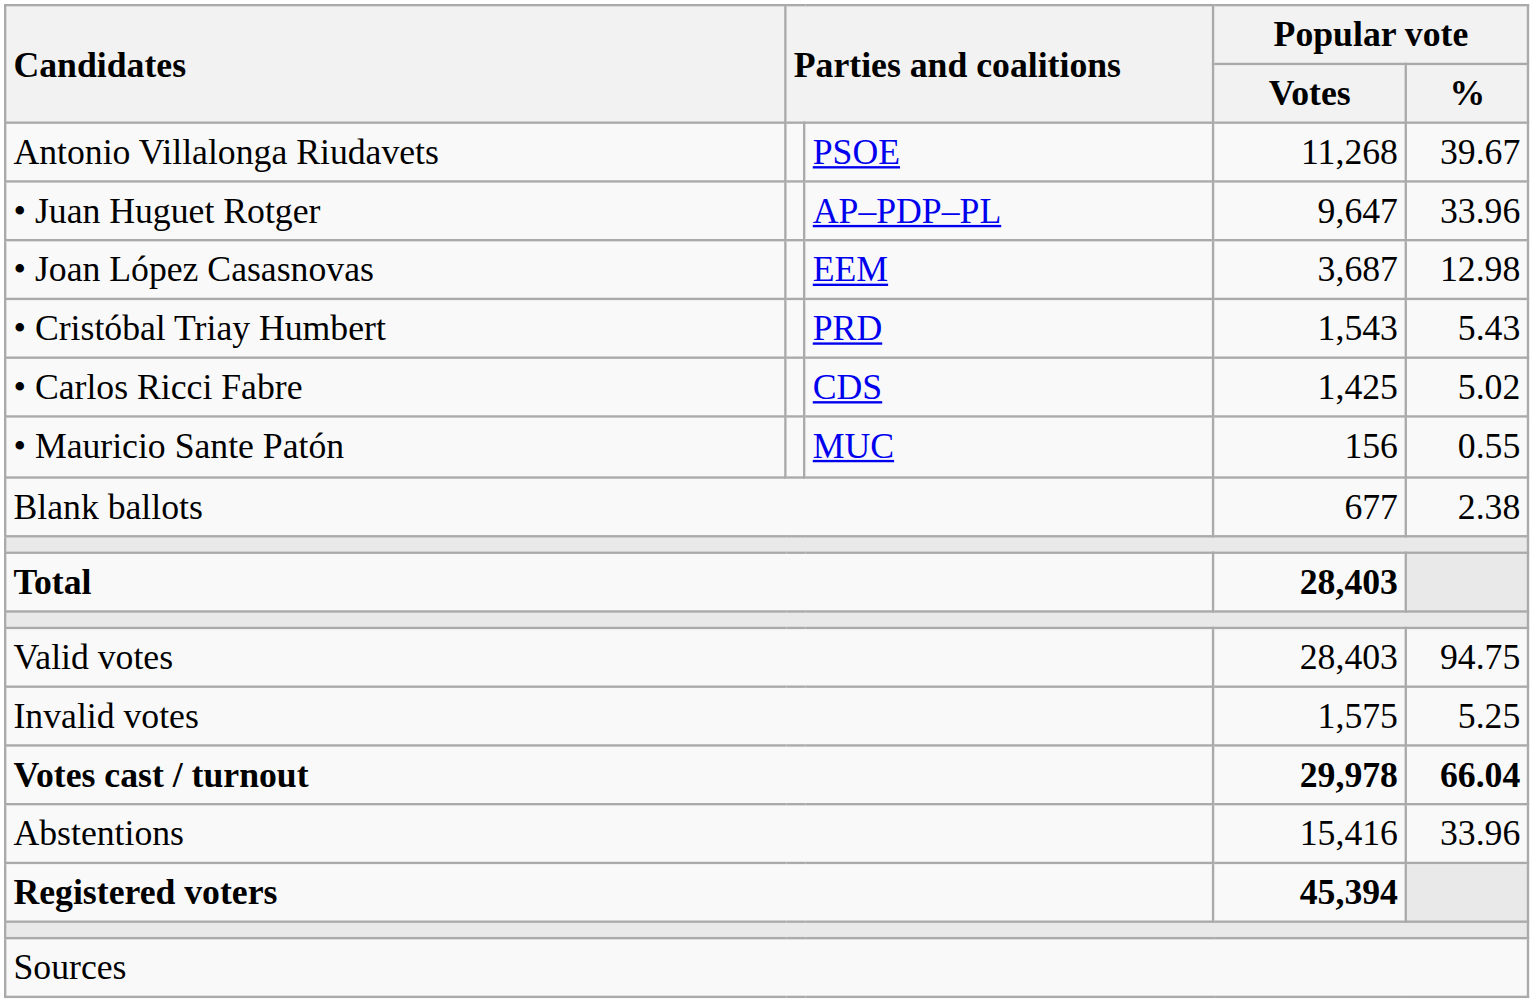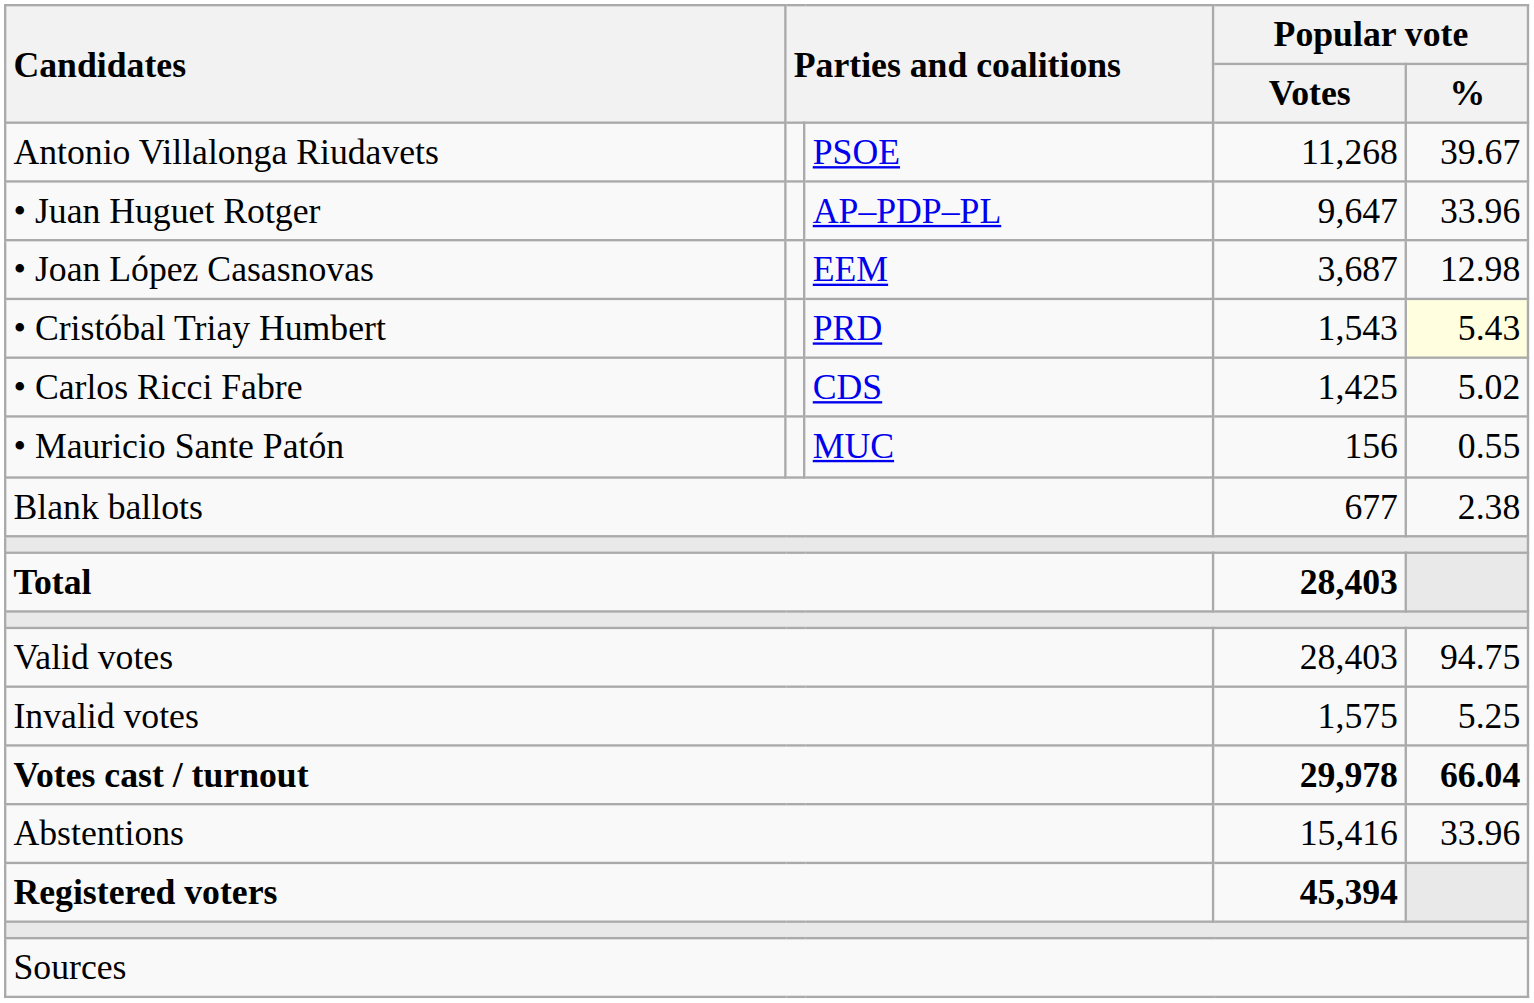 <table class="wikitable" style="text-align:right; font-size:95%;">
 <tr>
 <th style="text-align:left;" rowspan="2" width="325">Candidates</th>
 <th style="text-align:left;" rowspan="2" colspan="2" width="175">Parties and coalitions</th>
 <th colspan="2">Popular vote</th>
 </tr>
 <tr>
 <th width="75">Votes</th>
 <th width="45">%</th>
 </tr>
 <tr>
 <td align="left"> Antonio Villalonga Riudavets</td>
 <td width="1" style="color:inherit;background:"></td>
 <td align="left"><a href='#'>PSOE</a></td>
 <td>11,268</td>
 <td>39.67</td>
 </tr>
 <tr>
 <td align="left">• Juan Huguet Rotger</td>
 <td style="color:inherit;background:"></td>
 <td align="left"><a href='#'>AP–PDP–PL</a></td>
 <td>9,647</td>
 <td>33.96</td>
 </tr>
 <tr>
 <td align="left">• Joan López Casasnovas</td>
 <td style="color:inherit;background:"></td>
 <td align="left"><a href='#'>EEM</a></td>
 <td>3,687</td>
 <td>12.98</td>
 </tr>
 <tr>
 <td align="left">• Cristóbal Triay Humbert</td>
 <td style="color:inherit;background:"></td>
 <td align="left"><a href='#'>PRD</a></td>
 <td>1,543</td>
-<td>5.43</td>
+<td style="background: lightyellow;">5.43</td>
 </tr>
 <tr>
 <td align="left">• Carlos Ricci Fabre</td>
 <td style="color:inherit;background:"></td>
 <td align="left"><a href='#'>CDS</a></td>
 <td>1,425</td>
 <td>5.02</td>
 </tr>
 <tr>
 <td align="left">• Mauricio Sante Patón</td>
 <td style="color:inherit;background:"></td>
 <td align="left"><a href='#'>MUC</a></td>
 <td>156</td>
 <td>0.55</td>
 </tr>
 <tr>
 <td align="left" colspan="3">Blank ballots</td>
 <td>677</td>
 <td>2.38</td>
 </tr>
 <tr>
 <td colspan="5" bgcolor="#E9E9E9"></td>
 </tr>
 <tr style="font-weight:bold;">
 <td align="left" colspan="3">Total</td>
 <td>28,403</td>
 <td bgcolor="#E9E9E9"></td>
 </tr>
 <tr>
 <td colspan="5" bgcolor="#E9E9E9"></td>
 </tr>
 <tr>
 <td align="left" colspan="3">Valid votes</td>
 <td>28,403</td>
 <td>94.75</td>
 </tr>
 <tr>
 <td align="left" colspan="3">Invalid votes</td>
 <td>1,575</td>
 <td>5.25</td>
 </tr>
 <tr style="font-weight:bold;">
 <td align="left" colspan="3">Votes cast / turnout</td>
 <td>29,978</td>
 <td>66.04</td>
 </tr>
 <tr>
 <td align="left" colspan="3">Abstentions</td>
 <td>15,416</td>
 <td>33.96</td>
 </tr>
 <tr style="font-weight:bold;">
 <td align="left" colspan="3">Registered voters</td>
 <td>45,394</td>
 <td bgcolor="#E9E9E9"></td>
 </tr>
 <tr>
 <td colspan="5" bgcolor="#E9E9E9"></td>
 </tr>
 <tr>
 <td align="left" colspan="5">Sources</td>
 </tr>
 </table>
